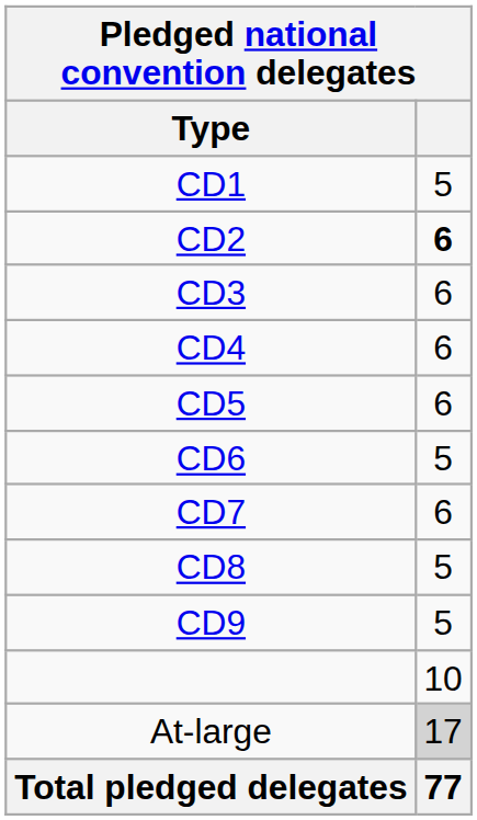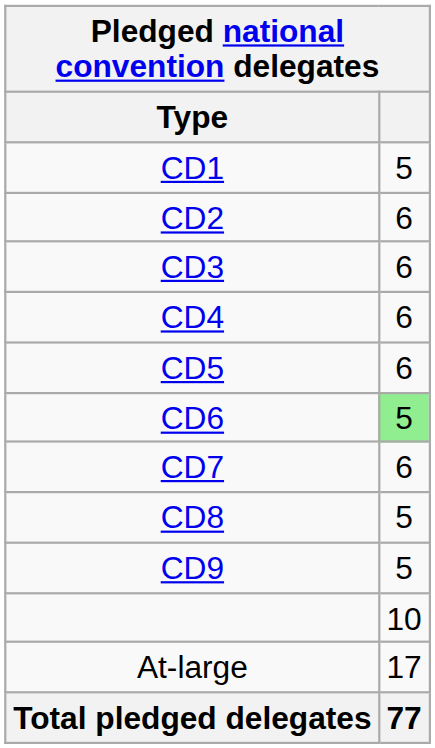 <table class="wikitable sortable" style="font-size:90%;text-align:center;float:right;padding:5px;">
 <tr>
 <th colspan="2">Pledged <a href='#'>national<br>convention</a> delegates</th>
 </tr>
 <tr>
 <th>Type</th>
 <th></th>
 </tr>
 <tr>
 <td><a href='#'>CD1</a></td>
 <td>5</td>
 </tr>
 <tr>
 <td><a href='#'>CD2</a></td>
-<td><strong>6</strong></td>
+<td>6</td>
 </tr>
 <tr>
 <td><a href='#'>CD3</a></td>
 <td>6</td>
 </tr>
 <tr>
 <td><a href='#'>CD4</a></td>
 <td>6</td>
 </tr>
 <tr>
 <td><a href='#'>CD5</a></td>
 <td>6</td>
 </tr>
 <tr>
 <td><a href='#'>CD6</a></td>
-<td>5</td>
+<td style="background: lightgreen;">5</td>
 </tr>
 <tr>
 <td><a href='#'>CD7</a></td>
 <td>6</td>
 </tr>
 <tr>
 <td><a href='#'>CD8</a></td>
 <td>5</td>
 </tr>
 <tr>
 <td><a href='#'>CD9</a></td>
 <td>5</td>
 </tr>
 <tr>
 <td></td>
 <td>10</td>
 </tr>
 <tr>
 <td>At-large</td>
-<td style="background: lightgrey;">17</td>
+<td>17</td>
 </tr>
 <tr>
 <th>Total pledged delegates</th>
 <th>77</th>
 </tr>
 </table>
